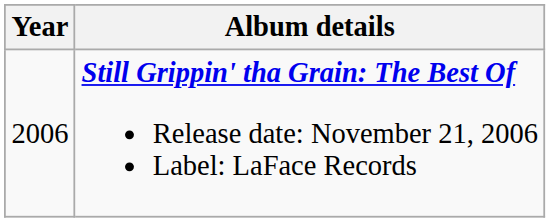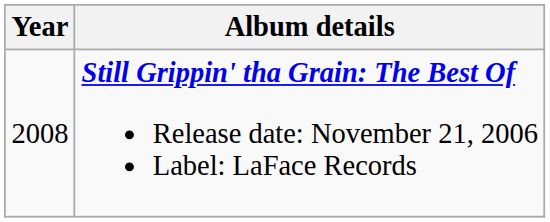 <table class="wikitable" style="text-align:center;">
 <tr>
 <th>Year</th>
 <th>Album details</th>
 </tr>
 <tr>
-<td>2006</td>
+<td>2008</td>
 <td style="text-align:left;"><strong><em><a href='#'>Still Grippin' tha Grain: The Best Of</a></em></strong><br><ul><li>Release date: November 21, 2006</li><li>Label: LaFace Records</li></ul></td>
 </tr>
 </table>
